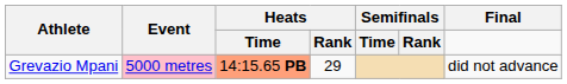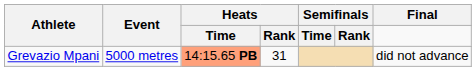 <table class=wikitable style="font-size:90%;">
 <tr>
 <th rowspan=2>Athlete</th>
 <th rowspan=2>Event</th>
 <th colspan=2>Heats</th>
 <th colspan=2>Semifinals</th>
 <th colspan=2>Final</th>
 </tr>
 <tr>
 <th>Time</th>
 <th>Rank</th>
 <th>Time</th>
 <th>Rank</th>
 </tr>
 <tr>
 <td><a href='#'>Grevazio Mpani</a></td>
-<td style="background: pink;"><a href='#'>5000 metres</a></td>
+<td><a href='#'>5000 metres</a></td>
 <td align="center" style="background: lightsalmon;">14:15.65 <strong>PB</strong></td>
-<td align="center">29</td>
+<td align="center">31</td>
 <td bgcolor=wheat colspan=2></td>
 <td align="center" colspan=2>did not advance</td>
 </tr>
 </table>
